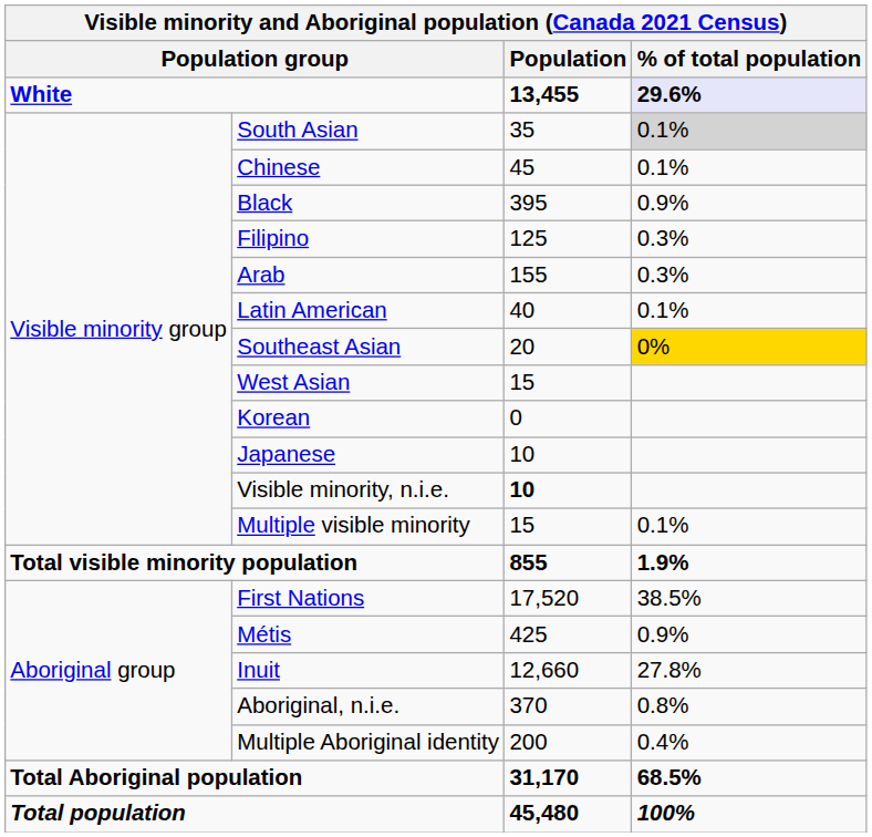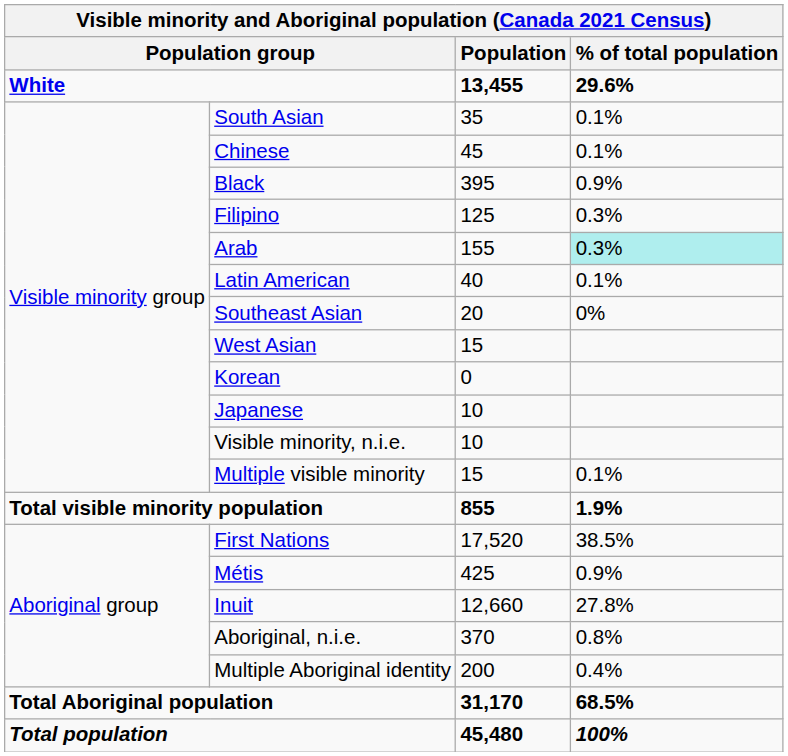 <table class="wikitable">
 <tr>
 <th colspan="4">Visible minority and Aboriginal population (<a href='#'>Canada 2021 Census</a>)</th>
 </tr>
 <tr>
 <th colspan="2">Population group</th>
 <th>Population</th>
 <th>% of total population</th>
 </tr>
 <tr>
 <td colspan="2"><strong><a href='#'>White</a></strong></td>
 <td><strong>13,455</strong></td>
-<td style="background: lavender;"><strong>29.6%</strong></td>
+<td><strong>29.6%</strong></td>
 </tr>
 <tr>
 <td rowspan="12"><a href='#'>Visible minority</a> group</td>
 <td><a href='#'>South Asian</a></td>
 <td>35</td>
-<td style="background: lightgrey;">0.1%</td>
+<td>0.1%</td>
 </tr>
 <tr>
 <td><a href='#'>Chinese</a></td>
 <td>45</td>
 <td>0.1%</td>
 </tr>
 <tr>
 <td><a href='#'>Black</a></td>
 <td>395</td>
 <td>0.9%</td>
 </tr>
 <tr>
 <td><a href='#'>Filipino</a></td>
 <td>125</td>
 <td>0.3%</td>
 </tr>
 <tr>
 <td><a href='#'>Arab</a></td>
 <td>155</td>
-<td>0.3%</td>
+<td style="background: paleturquoise;">0.3%</td>
 </tr>
 <tr>
 <td><a href='#'>Latin American</a></td>
 <td>40</td>
 <td>0.1%</td>
 </tr>
 <tr>
 <td><a href='#'>Southeast Asian</a></td>
 <td>20</td>
-<td style="background: gold;">0%</td>
+<td>0%</td>
 </tr>
 <tr>
 <td><a href='#'>West Asian</a></td>
 <td>15</td>
 <td></td>
 </tr>
 <tr>
 <td><a href='#'>Korean</a></td>
 <td>0</td>
 <td></td>
 </tr>
 <tr>
 <td><a href='#'>Japanese</a></td>
 <td>10</td>
 <td></td>
 </tr>
 <tr>
 <td>Visible minority, n.i.e.</td>
-<td><strong>10</strong></td>
+<td>10</td>
 <td></td>
 </tr>
 <tr>
 <td><a href='#'>Multiple</a> visible minority</td>
 <td>15</td>
 <td>0.1%</td>
 </tr>
 <tr>
 <td colspan="2"><strong>Total visible minority population</strong></td>
 <td><strong>855</strong></td>
 <td><strong>1.9%</strong></td>
 </tr>
 <tr>
 <td rowspan="5"><a href='#'>Aboriginal</a> group</td>
 <td><a href='#'>First Nations</a></td>
 <td>17,520</td>
 <td>38.5%</td>
 </tr>
 <tr>
 <td><a href='#'>Métis</a></td>
 <td>425</td>
 <td>0.9%</td>
 </tr>
 <tr>
 <td><a href='#'>Inuit</a></td>
 <td>12,660</td>
 <td>27.8%</td>
 </tr>
 <tr>
 <td>Aboriginal, n.i.e.</td>
 <td>370</td>
 <td>0.8%</td>
 </tr>
 <tr>
 <td>Multiple Aboriginal identity</td>
 <td>200</td>
 <td>0.4%</td>
 </tr>
 <tr>
 <td colspan="2"><strong>Total Aboriginal population</strong></td>
 <td><strong>31,170</strong></td>
 <td><strong>68.5%</strong></td>
 </tr>
 <tr>
 <td colspan="2"><strong><em>Total population</em></strong></td>
 <td><strong>45,480</strong></td>
 <td><strong><em>100%</em></strong></td>
 </tr>
 </table>
